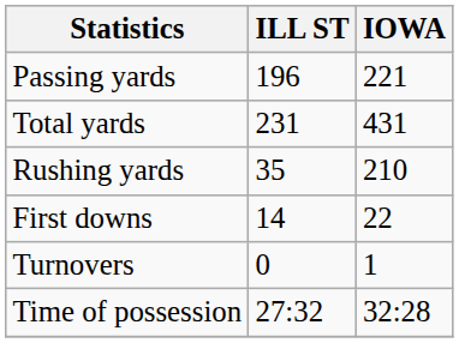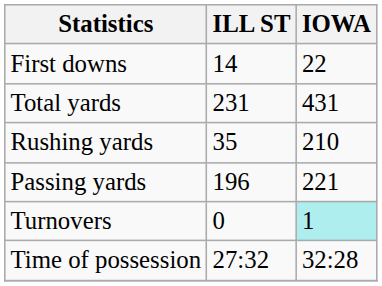 <table class="wikitable">
 <tr>
 <th>Statistics</th>
 <th>ILL ST</th>
 <th>IOWA</th>
 </tr>
 <tr>
-<td>Passing yards</td>
-<td>196</td>
-<td>221</td>
+<td>First downs</td>
+<td>14</td>
+<td>22</td>
 </tr>
 <tr>
 <td>Total yards</td>
 <td>231</td>
 <td>431</td>
 </tr>
 <tr>
 <td>Rushing yards</td>
 <td>35</td>
 <td>210</td>
 </tr>
 <tr>
-<td>First downs</td>
-<td>14</td>
-<td>22</td>
+<td>Passing yards</td>
+<td>196</td>
+<td>221</td>
 </tr>
 <tr>
 <td>Turnovers</td>
 <td>0</td>
-<td>1</td>
+<td style="background: paleturquoise;">1</td>
 </tr>
 <tr>
 <td>Time of possession</td>
 <td>27:32</td>
 <td>32:28</td>
 </tr>
 <tr>
 </tr>
 </table>
